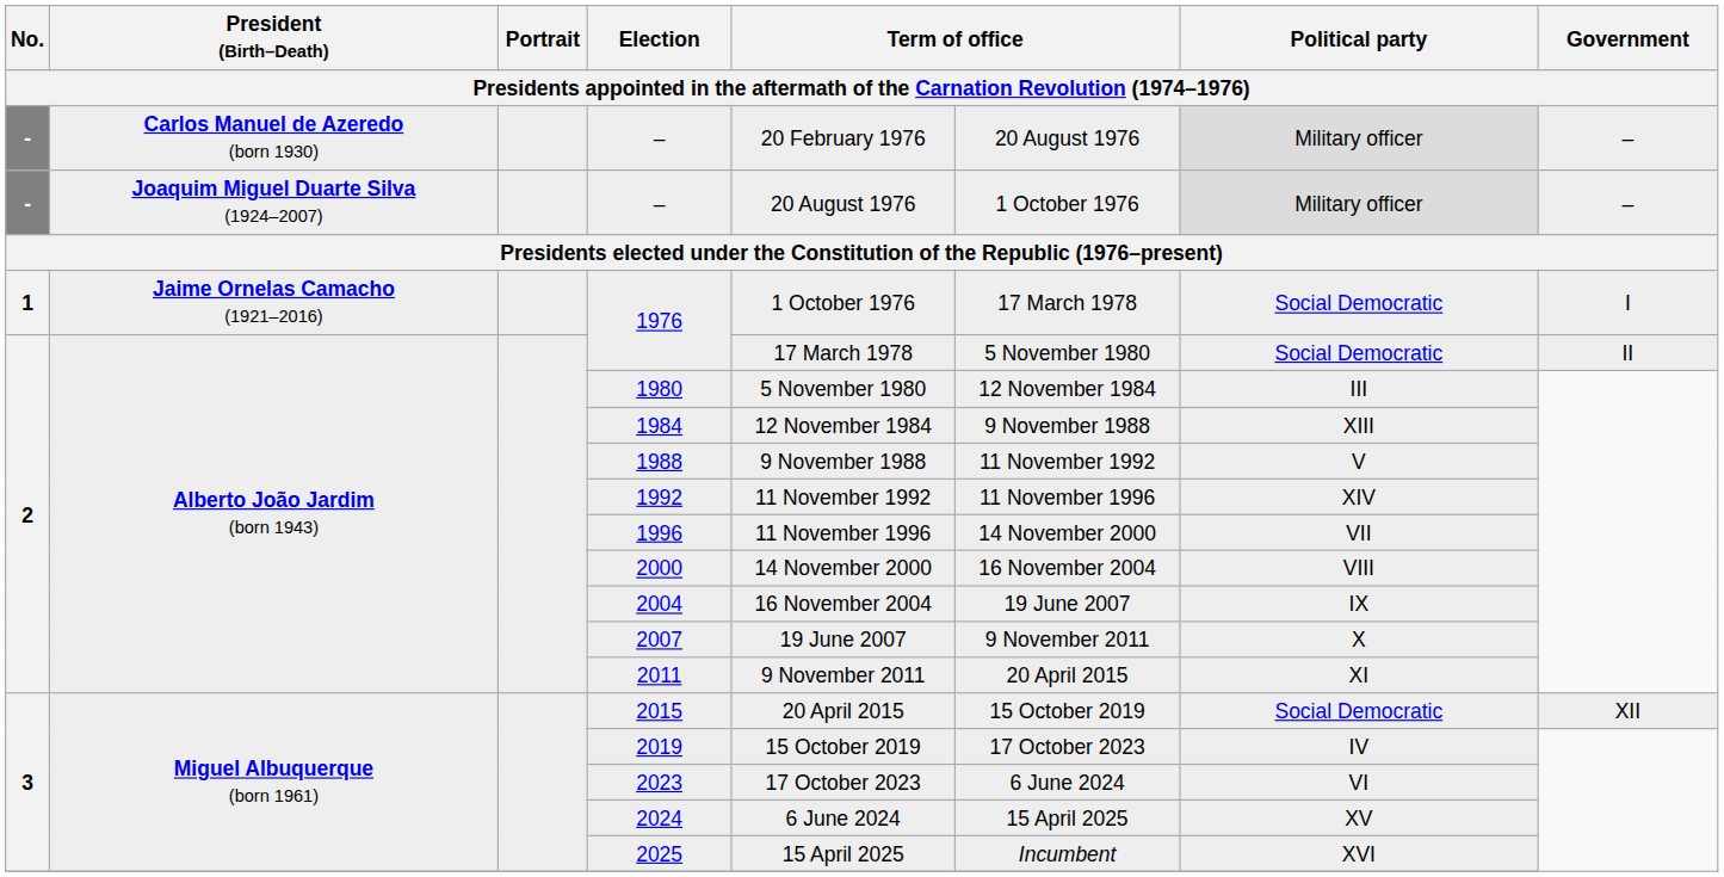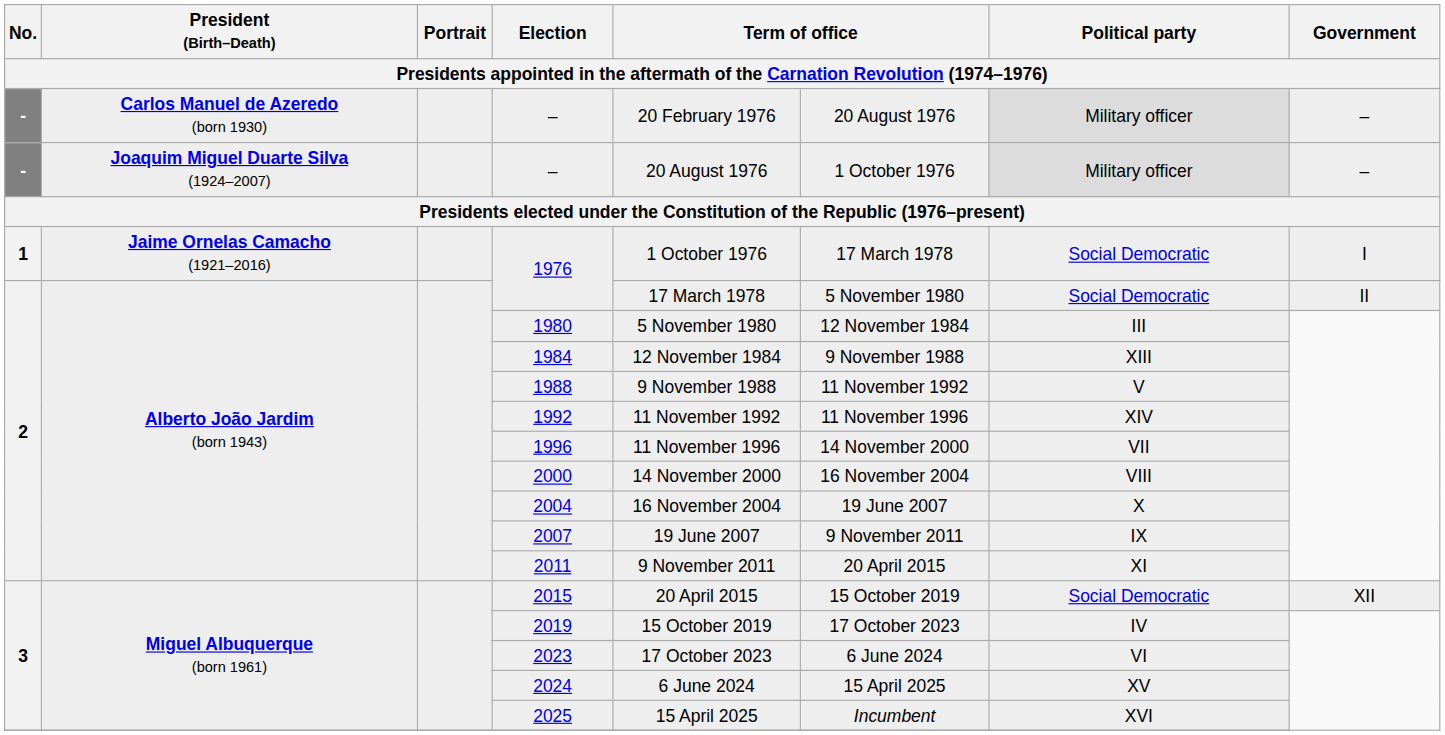 <table class="wikitable" style="text-align:center; font-size:95%; width=100%; line-height:19px;">
 <tr>
 <th width=1%>No.</th>
 <th width=25%>President<br><small>(Birth–Death)</small></th>
 <th width=5%>Portrait</th>
 <th width=8%>Election</th>
 <th colspan="2" width=25%>Term of office</th>
 <th width=20%>Political party</th>
 <th width=10%>Government</th>
 </tr>
 <tr style="background:#cccccc">
 <th colspan="9">Presidents appointed in the aftermath of the <a href='#'>Carnation Revolution</a> (1974–1976)</th>
 </tr>
 <tr bgcolor=#EEEEEE>
 <th style="background:gray; color:white;">-</th>
 <td><strong><a href='#'>Carlos Manuel de Azeredo</a></strong><br><small>(born 1930)</small></td>
 <td></td>
 <td>–</td>
 <td>20 February 1976</td>
 <td>20 August 1976</td>
 <td bgcolor=#DCDCDC>Military officer</td>
 <td>–</td>
 </tr>
 <tr bgcolor=#EEEEEE>
 <th style="background:gray; color:white;">-</th>
 <td><strong><a href='#'>Joaquim Miguel Duarte Silva</a></strong><br><small>(1924–2007)</small></td>
 <td></td>
 <td>–</td>
 <td>20 August 1976</td>
 <td>1 October 1976</td>
 <td bgcolor=#DCDCDC>Military officer</td>
 <td>–</td>
 </tr>
 <tr style="background:#cccccc">
 <th colspan=9>Presidents elected under the Constitution of the Republic (1976–present)</th>
 </tr>
 <tr bgcolor=#EEEEEE>
 <th style="background:">1</th>
 <td><strong><a href='#'>Jaime Ornelas Camacho</a></strong><br><small>(1921–2016)</small></td>
 <td></td>
 <td rowspan=2><a href='#'>1976</a></td>
 <td>1 October 1976</td>
 <td>17 March 1978</td>
 <td><a href='#'>Social Democratic</a></td>
 <td>I </td>
 </tr>
 <tr bgcolor=#EEEEEE>
 <th rowspan=10 style="background:">2</th>
 <td rowspan=10><strong><a href='#'>Alberto João Jardim</a></strong><br><small>(born 1943)</small></td>
 <td rowspan=10></td>
 <td>17 March 1978</td>
 <td>5 November 1980</td>
 <td><a href='#'>Social Democratic</a></td>
 <td>II </td>
 </tr>
 <tr bgcolor=#EEEEEE>
 <td><a href='#'>1980</a></td>
 <td>5 November 1980</td>
 <td>12 November 1984</td>
 <td>III </td>
 </tr>
 <tr bgcolor=#EEEEEE>
 <td><a href='#'>1984</a></td>
 <td>12 November 1984</td>
 <td>9 November 1988</td>
 <td>XIII </td>
 </tr>
 <tr bgcolor=#EEEEEE>
 <td><a href='#'>1988</a></td>
 <td>9 November 1988</td>
 <td>11 November 1992</td>
 <td>V </td>
 </tr>
 <tr bgcolor=#EEEEEE>
 <td><a href='#'>1992</a></td>
 <td>11 November 1992</td>
 <td>11 November 1996</td>
 <td>XIV </td>
 </tr>
 <tr bgcolor=#EEEEEE>
 <td><a href='#'>1996</a></td>
 <td>11 November 1996</td>
 <td>14 November 2000</td>
 <td>VII </td>
 </tr>
 <tr bgcolor=#EEEEEE>
 <td><a href='#'>2000</a></td>
 <td>14 November 2000</td>
 <td>16 November 2004</td>
 <td>VIII </td>
 </tr>
 <tr bgcolor=#EEEEEE>
 <td><a href='#'>2004</a></td>
 <td>16 November 2004</td>
 <td>19 June 2007</td>
-<td>IX </td>
+<td>X </td>
 </tr>
 <tr bgcolor=#EEEEEE>
 <td><a href='#'>2007</a></td>
 <td>19 June 2007</td>
 <td>9 November 2011</td>
-<td>X </td>
+<td>IX </td>
 </tr>
 <tr bgcolor=#EEEEEE>
 <td><a href='#'>2011</a></td>
 <td>9 November 2011</td>
 <td>20 April 2015</td>
 <td>XI </td>
 </tr>
 <tr bgcolor=#EEEEEE>
 <th rowspan=5 style="background:">3</th>
 <td rowspan=5><strong><a href='#'>Miguel Albuquerque</a></strong><br><small>(born 1961)</small></td>
 <td rowspan=5></td>
 <td><a href='#'>2015</a></td>
 <td>20 April 2015</td>
 <td>15 October 2019</td>
 <td><a href='#'>Social Democratic</a></td>
 <td>XII </td>
 </tr>
 <tr bgcolor=#EEEEEE>
 <td><a href='#'>2019</a></td>
 <td>15 October 2019</td>
 <td>17 October 2023</td>
 <td>IV </td>
 </tr>
 <tr bgcolor=#EEEEEE>
 <td><a href='#'>2023</a></td>
 <td>17 October 2023</td>
 <td>6 June 2024</td>
 <td>VI </td>
 </tr>
 <tr bgcolor=#EEEEEE>
 <td><a href='#'>2024</a></td>
 <td>6 June 2024</td>
 <td>15 April 2025</td>
 <td>XV </td>
 </tr>
 <tr bgcolor=#EEEEEE>
 <td><a href='#'>2025</a></td>
 <td>15 April 2025</td>
 <td><em>Incumbent</em></td>
 <td>XVI </td>
 </tr>
 <tr bgcolor=#EEEEEE>
 </tr>
 </table>
